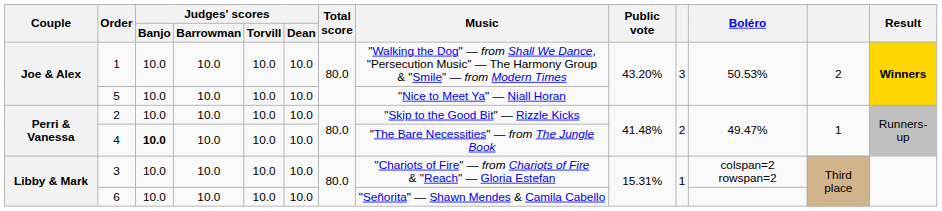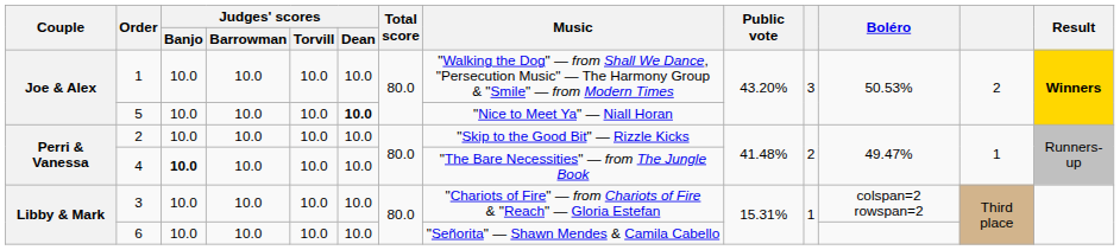 <table class="wikitable sortable" style="text-align:center; font-size:90%; width:90%">
 <tr>
 <th scope="col" rowspan=2>Couple</th>
 <th scope="col" rowspan=2>Order</th>
 <th scope="col" colspan=4 class="unsortable">Judges' scores</th>
 <th scope="col" rowspan=2 class="unsortable">Total<br>score</th>
 <th scope="col" rowspan=2 class="unsortable">Music</th>
 <th scope="col" rowspan=2 class="unsortable">Public vote</th>
 <th scope="col" rowspan=2 class="unsortable"></th>
 <th scope="col" rowspan=2 class="unsortable"><a href='#'>Boléro</a></th>
 <th scope="col" rowspan=2 class="unsortable"></th>
 <th scope="col" rowspan=2 class="unsortable">Result</th>
 </tr>
 <tr>
 <th class="unsortable">Banjo</th>
 <th class="unsortable">Barrowman</th>
 <th class="unsortable">Torvill</th>
 <th class="unsortable">Dean</th>
 </tr>
 <tr>
 <th rowspan=2 scope="row">Joe & Alex</th>
 <td>1</td>
 <td>10.0</td>
 <td>10.0</td>
 <td>10.0</td>
 <td>10.0</td>
 <td rowspan="2">80.0</td>
 <td>"<a href='#'>Walking the Dog</a>" — <em>from <a href='#'>Shall We Dance</a></em>,<br>"Persecution Music" — The Harmony Group<br>& "<a href='#'>Smile</a>" — <em>from <a href='#'>Modern Times</a></em></td>
 <td rowspan=2>43.20%</td>
 <td rowspan="2">3</td>
 <td rowspan=2>50.53%</td>
 <td rowspan="2">2</td>
 <td rowspan=2 bgcolor="gold"><strong>Winners</strong></td>
 </tr>
 <tr>
 <td>5</td>
 <td>10.0</td>
 <td>10.0</td>
 <td>10.0</td>
-<td>10.0</td>
+<td><strong>10.0</strong></td>
 <td>"<a href='#'>Nice to Meet Ya</a>" — <a href='#'>Niall Horan</a></td>
 </tr>
 <tr>
 <th rowspan=2 scope="row">Perri & Vanessa</th>
 <td>2</td>
 <td>10.0</td>
 <td>10.0</td>
 <td>10.0</td>
 <td>10.0</td>
 <td rowspan="2">80.0</td>
 <td>"<a href='#'>Skip to the Good Bit</a>" — <a href='#'>Rizzle Kicks</a></td>
 <td rowspan=2>41.48%</td>
 <td rowspan="2">2</td>
 <td rowspan=2>49.47%</td>
 <td rowspan="2">1</td>
 <td rowspan=2 bgcolor="silver">Runners-up</td>
 </tr>
 <tr>
 <td>4</td>
 <td><strong>10.0</strong></td>
 <td>10.0</td>
 <td>10.0</td>
 <td>10.0</td>
 <td>"<a href='#'>The Bare Necessities</a>" — <em>from <a href='#'>The Jungle Book</a></em></td>
 </tr>
 <tr>
 <th rowspan=2 scope="row">Libby & Mark</th>
 <td>3</td>
 <td>10.0</td>
 <td>10.0</td>
 <td>10.0</td>
 <td>10.0</td>
 <td rowspan="2">80.0</td>
 <td>"<a href='#'>Chariots of Fire</a>" — <em>from <a href='#'>Chariots of Fire</a></em><br>& "<a href='#'>Reach</a>" — <a href='#'>Gloria Estefan</a></td>
 <td rowspan=2>15.31%</td>
 <td rowspan="2">1</td>
 <td>colspan=2 rowspan=2 </td>
 <td rowspan=2 bgcolor=tan>Third place</td>
 </tr>
 <tr>
 <td>6</td>
 <td>10.0</td>
 <td>10.0</td>
 <td>10.0</td>
 <td>10.0</td>
 <td>"<a href='#'>Señorita</a>" — <a href='#'>Shawn Mendes</a> & <a href='#'>Camila Cabello</a></td>
 </tr>
 </table>
